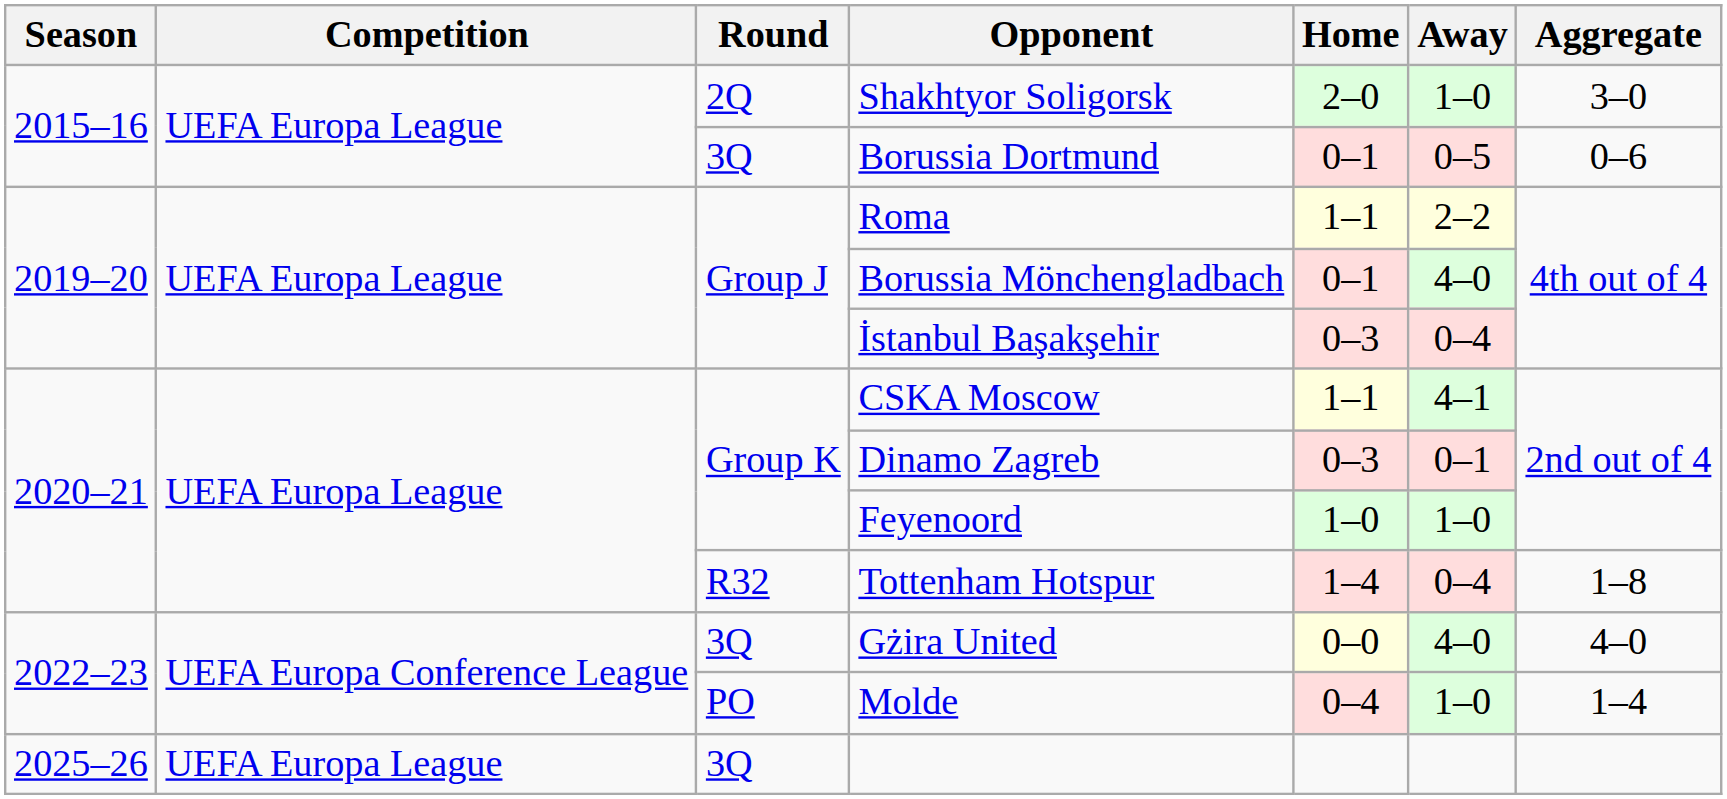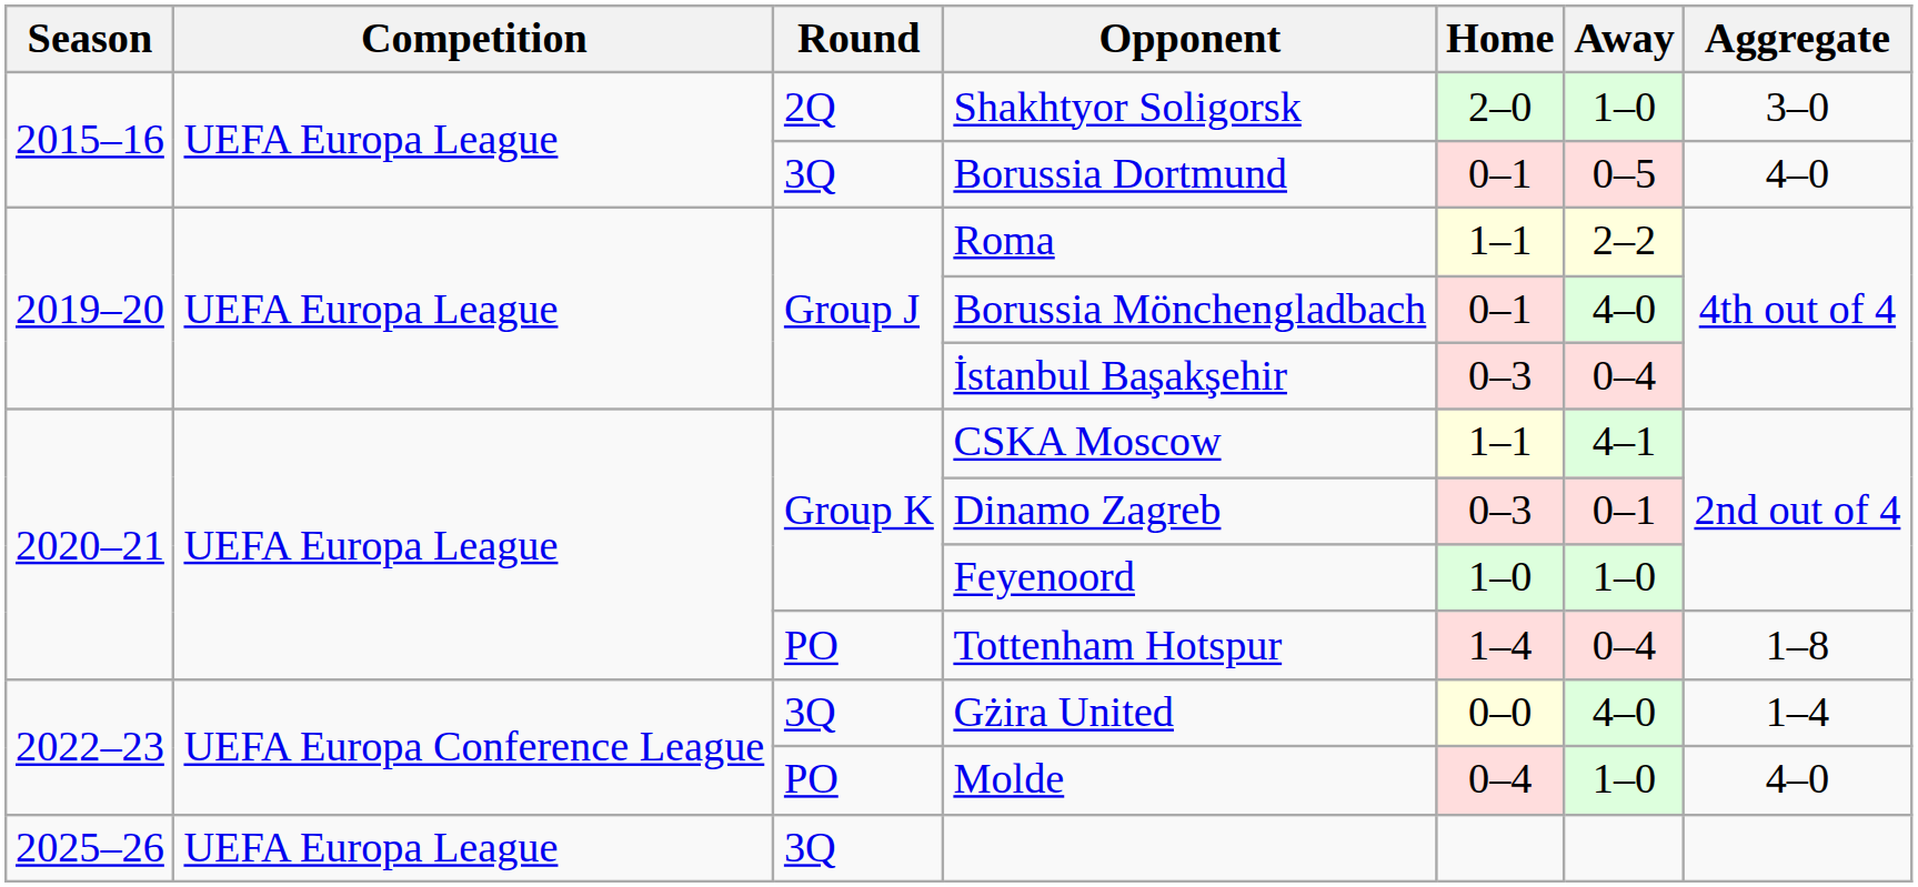 <table class="wikitable">
 <tr>
 <th>Season</th>
 <th>Competition</th>
 <th>Round</th>
 <th>Opponent</th>
 <th>Home</th>
 <th>Away</th>
 <th>Aggregate</th>
 </tr>
 <tr>
 <td rowspan="2"><a href='#'>2015–16</a></td>
 <td rowspan="2"><a href='#'>UEFA Europa League</a></td>
 <td><a href='#'>2Q</a></td>
 <td> <a href='#'>Shakhtyor Soligorsk</a></td>
 <td style="text-align:center; background:#dfd;">2–0</td>
 <td style="text-align:center; background:#dfd;">1–0</td>
 <td style="text-align:center">3–0</td>
 </tr>
 <tr>
 <td><a href='#'>3Q</a></td>
 <td> <a href='#'>Borussia Dortmund</a></td>
 <td style="text-align:center; background:#fdd;">0–1</td>
 <td style="text-align:center; background:#fdd;">0–5</td>
-<td style="text-align:center">0–6</td>
+<td style="text-align:center">4–0</td>
 </tr>
 <tr>
 <td rowspan="3"><a href='#'>2019–20</a></td>
 <td rowspan="3"><a href='#'>UEFA Europa League</a></td>
 <td rowspan="3"><a href='#'>Group J</a></td>
 <td> <a href='#'>Roma</a></td>
 <td style="text-align:center; background:#ffd;">1–1</td>
 <td style="text-align:center; background:#ffd;">2–2</td>
 <td style="text-align:center" rowspan="3"><a href='#'>4th out of 4</a></td>
 </tr>
 <tr>
 <td> <a href='#'>Borussia Mönchengladbach</a></td>
 <td style="text-align:center; background:#fdd;">0–1</td>
 <td style="text-align:center; background:#dfd;">4–0</td>
 </tr>
 <tr>
 <td> <a href='#'>İstanbul Başakşehir</a></td>
 <td style="text-align:center; background:#fdd;">0–3</td>
 <td style="text-align:center; background:#fdd;">0–4</td>
 </tr>
 <tr>
 <td rowspan="4"><a href='#'>2020–21</a></td>
 <td rowspan="4"><a href='#'>UEFA Europa League</a></td>
 <td rowspan="3"><a href='#'>Group K</a></td>
 <td> <a href='#'>CSKA Moscow</a></td>
 <td style="text-align:center; background:#ffd;">1–1</td>
 <td style="text-align:center; background:#dfd;">4–1</td>
 <td style="text-align:center" rowspan="3"><a href='#'>2nd out of 4</a></td>
 </tr>
 <tr>
 <td> <a href='#'>Dinamo Zagreb</a></td>
 <td style="text-align:center; background:#fdd;">0–3</td>
 <td style="text-align:center; background:#fdd;">0–1</td>
 </tr>
 <tr>
 <td> <a href='#'>Feyenoord</a></td>
 <td style="text-align:center; background:#dfd;">1–0</td>
 <td style="text-align:center; background:#dfd;">1–0</td>
 </tr>
 <tr>
-<td><a href='#'>R32</a></td>
+<td><a href='#'>PO</a></td>
 <td> <a href='#'>Tottenham Hotspur</a></td>
 <td style="text-align:center; background:#fdd;">1–4</td>
 <td style="text-align:center; background:#fdd;">0–4</td>
 <td style="text-align:center">1–8</td>
 </tr>
 <tr>
 <td rowspan="2"><a href='#'>2022–23</a></td>
 <td rowspan="2"><a href='#'>UEFA Europa Conference League</a></td>
 <td><a href='#'>3Q</a></td>
 <td> <a href='#'>Gżira United</a></td>
 <td style="text-align:center; background:#ffd;">0–0</td>
 <td style="text-align:center; background:#dfd;">4–0</td>
-<td style="text-align:center">4–0</td>
+<td style="text-align:center">1–4</td>
 </tr>
 <tr>
 <td><a href='#'>PO</a></td>
 <td> <a href='#'>Molde</a></td>
 <td style="text-align:center; background:#fdd;">0–4</td>
 <td style="text-align:center; background:#dfd;">1–0</td>
-<td style="text-align:center">1–4</td>
+<td style="text-align:center">4–0</td>
 </tr>
 <tr>
 <td><a href='#'>2025–26</a></td>
 <td><a href='#'>UEFA Europa League</a></td>
 <td><a href='#'>3Q</a></td>
 <td></td>
 <td style="text-align:center;"></td>
 <td style="text-align:center;"></td>
 <td style="text-align:center"></td>
 </tr>
 </table>
